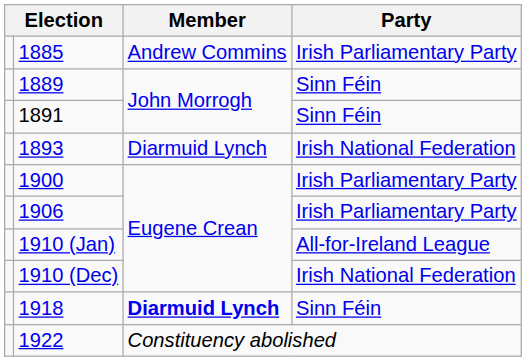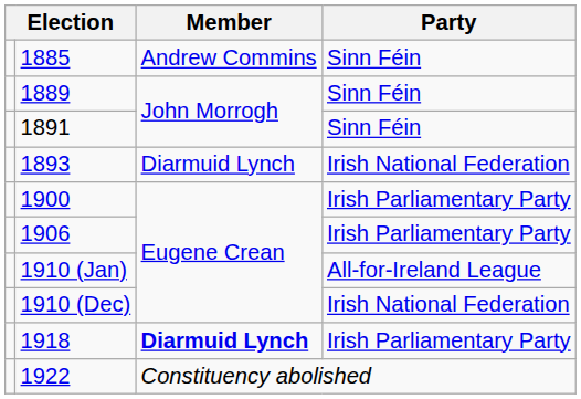 <table class="wikitable">
 <tr>
 <th colspan="2">Election</th>
 <th>Member</th>
 <th>Party</th>
 </tr>
 <tr>
 <td style="background-color: "></td>
 <td><a href='#'>1885</a></td>
 <td><a href='#'>Andrew Commins</a></td>
-<td><a href='#'>Irish Parliamentary Party</a></td>
+<td><a href='#'>Sinn Féin</a></td>
 </tr>
 <tr>
 <td style="background-color: "></td>
 <td><a href='#'>1889</a></td>
 <td rowspan="2"><a href='#'>John Morrogh</a></td>
 <td><a href='#'>Sinn Féin</a></td>
 </tr>
 <tr>
 <td style="background-color: "></td>
 <td>1891</td>
 <td><a href='#'>Sinn Féin</a></td>
 </tr>
 <tr>
 <td style="background-color: "></td>
 <td><a href='#'>1893</a></td>
 <td><a href='#'>Diarmuid Lynch</a></td>
 <td><a href='#'>Irish National Federation</a></td>
 </tr>
 <tr>
 <td style="background-color: "></td>
 <td><a href='#'>1900</a></td>
 <td rowspan="4"><a href='#'>Eugene Crean</a></td>
 <td><a href='#'>Irish Parliamentary Party</a></td>
 </tr>
 <tr>
 <td style="background-color: "></td>
 <td><a href='#'>1906</a></td>
 <td><a href='#'>Irish Parliamentary Party</a></td>
 </tr>
 <tr>
 <td style="background-color: "></td>
 <td><a href='#'>1910 (Jan)</a></td>
 <td><a href='#'>All-for-Ireland League</a></td>
 </tr>
 <tr>
 <td style="background-color: "></td>
 <td><a href='#'>1910 (Dec)</a></td>
 <td><a href='#'>Irish National Federation</a></td>
 </tr>
 <tr>
 <td style="background-color: "></td>
 <td><a href='#'>1918</a></td>
 <td><strong><a href='#'>Diarmuid Lynch</a></strong></td>
-<td><a href='#'>Sinn Féin</a></td>
+<td><a href='#'>Irish Parliamentary Party</a></td>
 </tr>
 <tr>
 <td></td>
 <td><a href='#'>1922</a></td>
 <td colspan="2"><em>Constituency abolished</em></td>
 </tr>
 </table>
